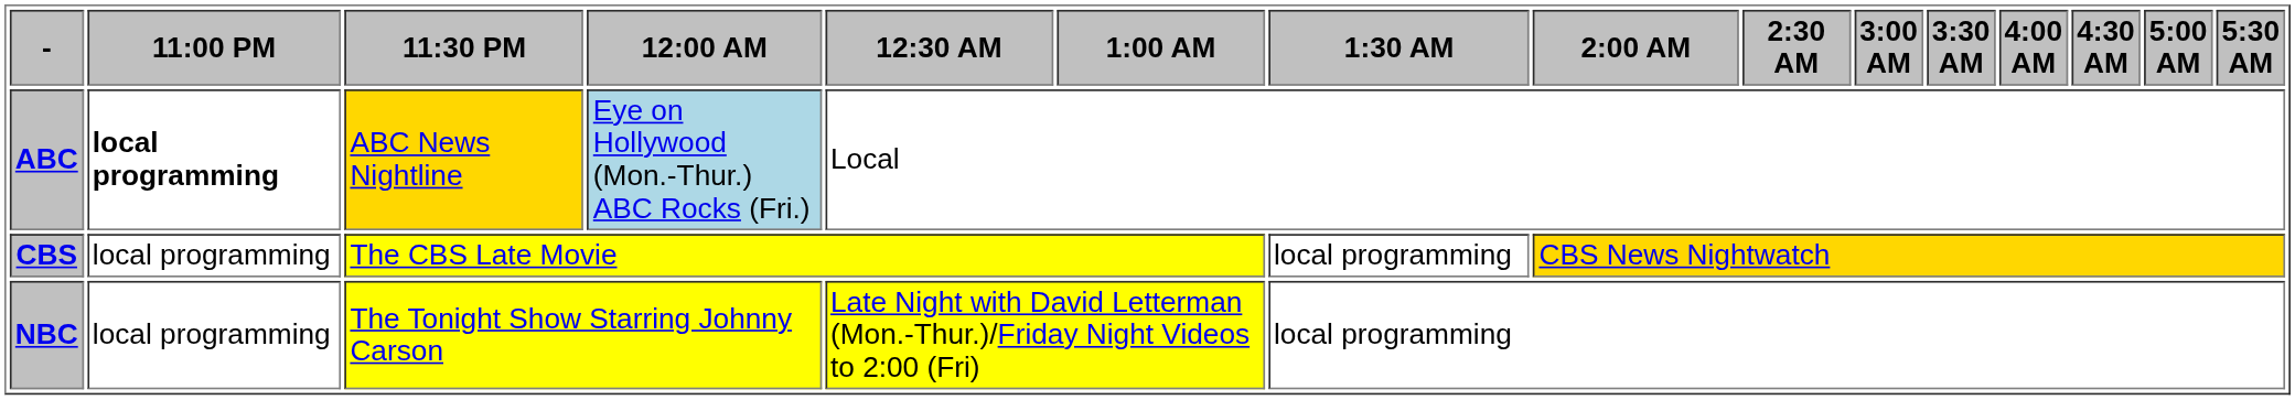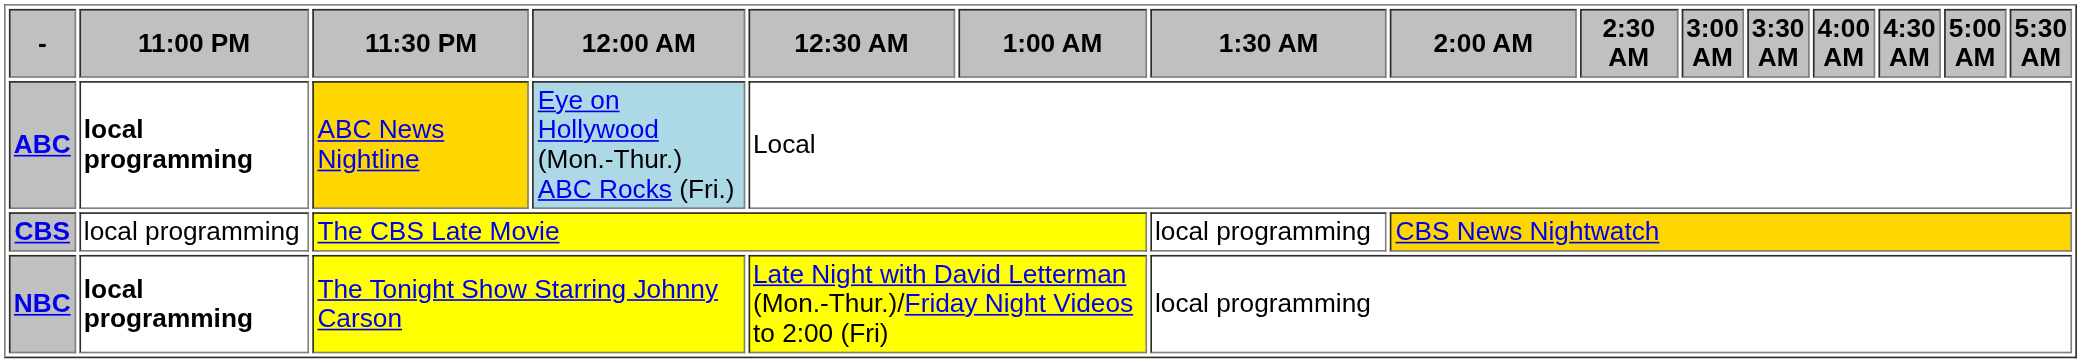 <table border="1" cellpadding="2">
 <tr>
 <th bgcolor="#C0C0C0">-</th>
 <th width="13%" bgcolor="#C0C0C0">11:00 PM</th>
 <th width="14%" bgcolor="#C0C0C0">11:30 PM</th>
 <th width="13%" bgcolor="#C0C0C0">12:00 AM</th>
 <th width="14%" bgcolor="#C0C0C0">12:30 AM</th>
 <th width="13%" bgcolor="#C0C0C0">1:00 AM</th>
 <th width="14%" bgcolor="#C0C0C0">1:30 AM</th>
 <th width="13%" bgcolor="#C0C0C0">2:00 AM</th>
 <th width="14%" bgcolor="#C0C0C0">2:30 AM</th>
 <th width="13%" bgcolor="#C0C0C0">3:00 AM</th>
 <th width="14%" bgcolor="#C0C0C0">3:30 AM</th>
 <th width="13%" bgcolor="#C0C0C0">4:00 AM</th>
 <th width="14%" bgcolor="#C0C0C0">4:30 AM</th>
 <th width="13%" bgcolor="#C0C0C0">5:00 AM</th>
 <th width="14%" bgcolor="#C0C0C0">5:30 AM</th>
 </tr>
 <tr>
 <th bgcolor="#C0C0C0"><a href='#'>ABC</a></th>
 <td bgcolor="white"><strong>local programming</strong></td>
 <td bgcolor="gold"><a href='#'>ABC News Nightline</a></td>
 <td bgcolor="lightblue"><a href='#'>Eye on Hollywood</a> (Mon.-Thur.) <a href='#'>ABC Rocks</a> (Fri.)</td>
 <td bgcolor="white" colspan="11">Local</td>
 </tr>
 <tr>
 <th bgcolor="#C0C0C0"><a href='#'>CBS</a></th>
 <td bgcolor="white">local programming</td>
 <td bgcolor="yellow" colspan="4"><a href='#'>The CBS Late Movie</a></td>
 <td bgcolor="white">local programming</td>
 <td bgcolor="gold" colspan="8"><a href='#'>CBS News Nightwatch</a></td>
 </tr>
 <tr>
 <th bgcolor="#C0C0C0"><a href='#'>NBC</a></th>
-<td bgcolor="white">local programming</td>
+<td bgcolor="white"><strong>local programming</strong></td>
 <td bgcolor="yellow" colspan="2"><a href='#'>The Tonight Show Starring Johnny Carson</a></td>
 <td bgcolor="yellow" colspan="2"><a href='#'>Late Night with David Letterman</a> (Mon.-Thur.)/<a href='#'>Friday Night Videos</a> to 2:00 (Fri)</td>
 <td bgcolor="white" colspan="9">local programming</td>
 </tr>
 </table>
